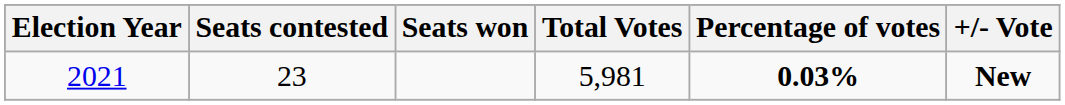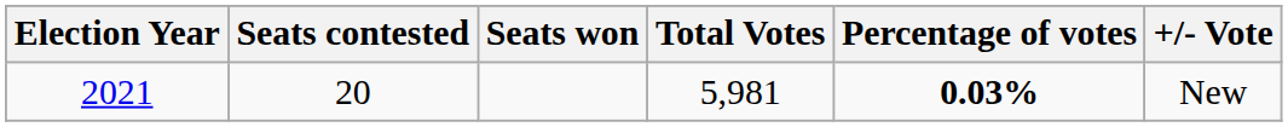 <table class="wikitable" style="text-align:center">
 <tr>
 <th Style="background-color:">Election Year</th>
 <th Style="background-color:">Seats contested</th>
 <th Style="background-color:">Seats won</th>
 <th Style="background-color:">Total Votes</th>
 <th Style="background-color:">Percentage of votes</th>
 <th Style="background-color:">+/- Vote</th>
 </tr>
 <tr>
 <td><a href='#'>2021</a></td>
-<td>23</td>
+<td>20</td>
 <td></td>
 <td>5,981</td>
 <td><strong>0.03%</strong></td>
-<td><strong>New</strong></td>
+<td>New</td>
 </tr>
 </table>
